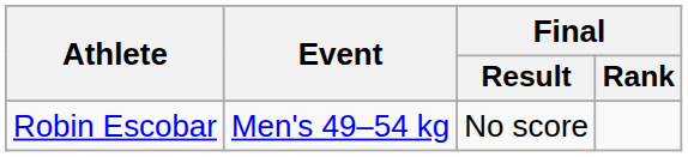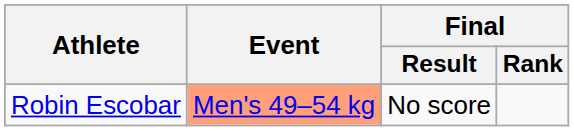 <table class=wikitable style="font-size:90%">
 <tr>
 <th rowspan="2">Athlete</th>
 <th rowspan="2">Event</th>
 <th colspan="2">Final</th>
 </tr>
 <tr style="font-size:95%">
 <th>Result</th>
 <th>Rank</th>
 </tr>
 <tr align=center>
 <td align=left><a href='#'>Robin Escobar</a></td>
-<td align=left><a href='#'>Men's 49–54 kg</a></td>
+<td align=left style="background: lightsalmon;"><a href='#'>Men's 49–54 kg</a></td>
 <td>No score</td>
 <td></td>
 </tr>
 </table>
